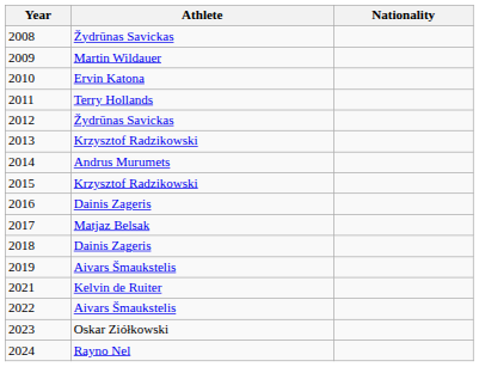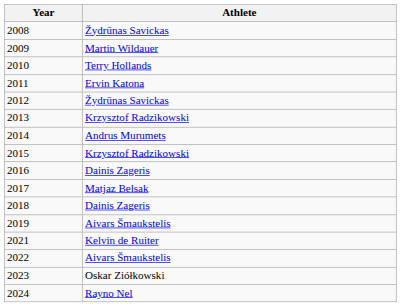 <table class="wikitable" style="display: inline-table;width: 45%;">
 <tr>
 <th scope="col">Year</th>
 <th scope="col">Athlete</th>
-<th scope="col">Nationality</th>
 </tr>
 <tr>
 <td>2008</td>
 <td><a href='#'>Žydrūnas Savickas</a></td>
-<td></td>
 </tr>
 <tr>
 <td>2009</td>
 <td><a href='#'>Martin Wildauer</a></td>
-<td></td>
 </tr>
 <tr>
 <td>2010</td>
-<td><a href='#'>Ervin Katona</a></td>
-<td></td>
+<td><a href='#'>Terry Hollands</a></td>
 </tr>
 <tr>
 <td>2011</td>
-<td><a href='#'>Terry Hollands</a></td>
-<td></td>
+<td><a href='#'>Ervin Katona</a></td>
 </tr>
 <tr>
 <td>2012</td>
 <td><a href='#'>Žydrūnas Savickas</a></td>
-<td></td>
 </tr>
 <tr>
 <td>2013</td>
 <td><a href='#'>Krzysztof Radzikowski</a></td>
-<td></td>
 </tr>
 <tr>
 <td>2014</td>
 <td><a href='#'>Andrus Murumets</a></td>
-<td></td>
 </tr>
 <tr>
 <td>2015</td>
 <td><a href='#'>Krzysztof Radzikowski</a></td>
-<td></td>
 </tr>
 <tr>
 <td>2016</td>
 <td><a href='#'>Dainis Zageris</a></td>
-<td></td>
 </tr>
 <tr>
 <td>2017</td>
 <td><a href='#'>Matjaz Belsak</a></td>
-<td></td>
 </tr>
 <tr>
 <td>2018</td>
 <td><a href='#'>Dainis Zageris</a></td>
-<td></td>
 </tr>
 <tr>
 <td>2019</td>
 <td><a href='#'>Aivars Šmaukstelis</a></td>
-<td></td>
 </tr>
 <tr>
 <td>2021</td>
 <td><a href='#'>Kelvin de Ruiter</a></td>
-<td></td>
 </tr>
 <tr>
 <td>2022</td>
 <td><a href='#'>Aivars Šmaukstelis</a></td>
-<td></td>
 </tr>
 <tr>
 <td>2023</td>
 <td>Oskar Ziółkowski</td>
-<td></td>
 </tr>
 <tr>
 <td>2024</td>
 <td><a href='#'>Rayno Nel</a></td>
-<td></td>
 </tr>
 </table>
